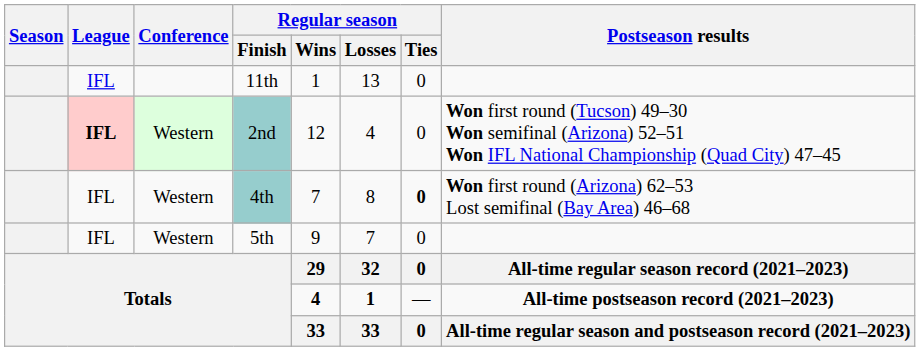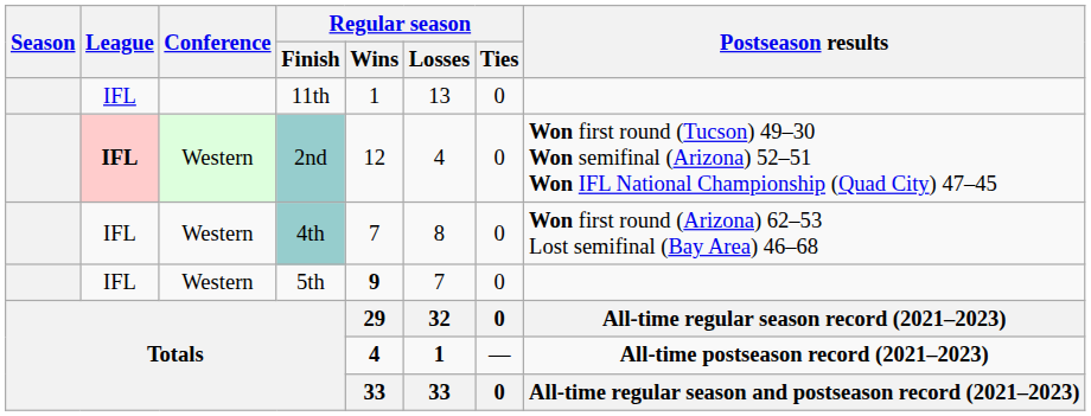 <table class="wikitable" style="text-align:center; font-size: 95%;">
 <tr>
 <th rowspan="2"><a href='#'>Season</a></th>
 <th rowspan="2"><a href='#'>League</a></th>
 <th rowspan="2"><a href='#'>Conference</a></th>
 <th colspan="4"><a href='#'>Regular season</a></th>
 <th rowspan="2"><a href='#'>Postseason</a> results</th>
 </tr>
 <tr>
 <th>Finish</th>
 <th>Wins</th>
 <th>Losses</th>
 <th>Ties</th>
 </tr>
 <tr>
 <th></th>
 <td><a href='#'>IFL</a></td>
 <td></td>
 <td>11th</td>
 <td>1</td>
 <td>13</td>
 <td>0</td>
 <td align="left"></td>
 </tr>
 <tr>
 <th></th>
 <td bgcolor="#fcc"><strong>IFL</strong></td>
 <td bgcolor="#dfd">Western</td>
 <td bgcolor="#96cdcd">2nd</td>
 <td>12</td>
 <td>4</td>
 <td>0</td>
 <td align="left"><strong>Won</strong> first round (<a href='#'>Tucson</a>) 49–30<br><strong>Won</strong> semifinal (<a href='#'>Arizona</a>) 52–51<br><strong>Won</strong> <a href='#'>IFL National Championship</a> (<a href='#'>Quad City</a>) 47–45</td>
 </tr>
 <tr>
 <th></th>
 <td>IFL</td>
 <td>Western</td>
 <td bgcolor="#96cdcd">4th</td>
 <td>7</td>
 <td>8</td>
-<td><strong>0</strong></td>
+<td>0</td>
 <td align="left"><strong>Won</strong> first round (<a href='#'>Arizona</a>) 62–53<br>Lost semifinal (<a href='#'>Bay Area</a>) 46–68</td>
 </tr>
 <tr>
 <th></th>
 <td>IFL</td>
 <td>Western</td>
 <td>5th</td>
-<td>9</td>
+<td><strong>9</strong></td>
 <td>7</td>
 <td>0</td>
 <td align="left"></td>
 </tr>
 <tr>
 <th rowspan="3" colspan="4">Totals</th>
 <th>29</th>
 <th>32</th>
 <th>0</th>
 <th>All-time regular season record (2021–2023)</th>
 </tr>
 <tr>
 <td><strong>4</strong></td>
 <td><strong>1</strong></td>
 <td>—</td>
 <td><strong>All-time postseason record (2021–2023)</strong></td>
 </tr>
 <tr>
 <th>33</th>
 <th>33</th>
 <th>0</th>
 <th>All-time regular season and postseason record (2021–2023)</th>
 </tr>
 </table>
